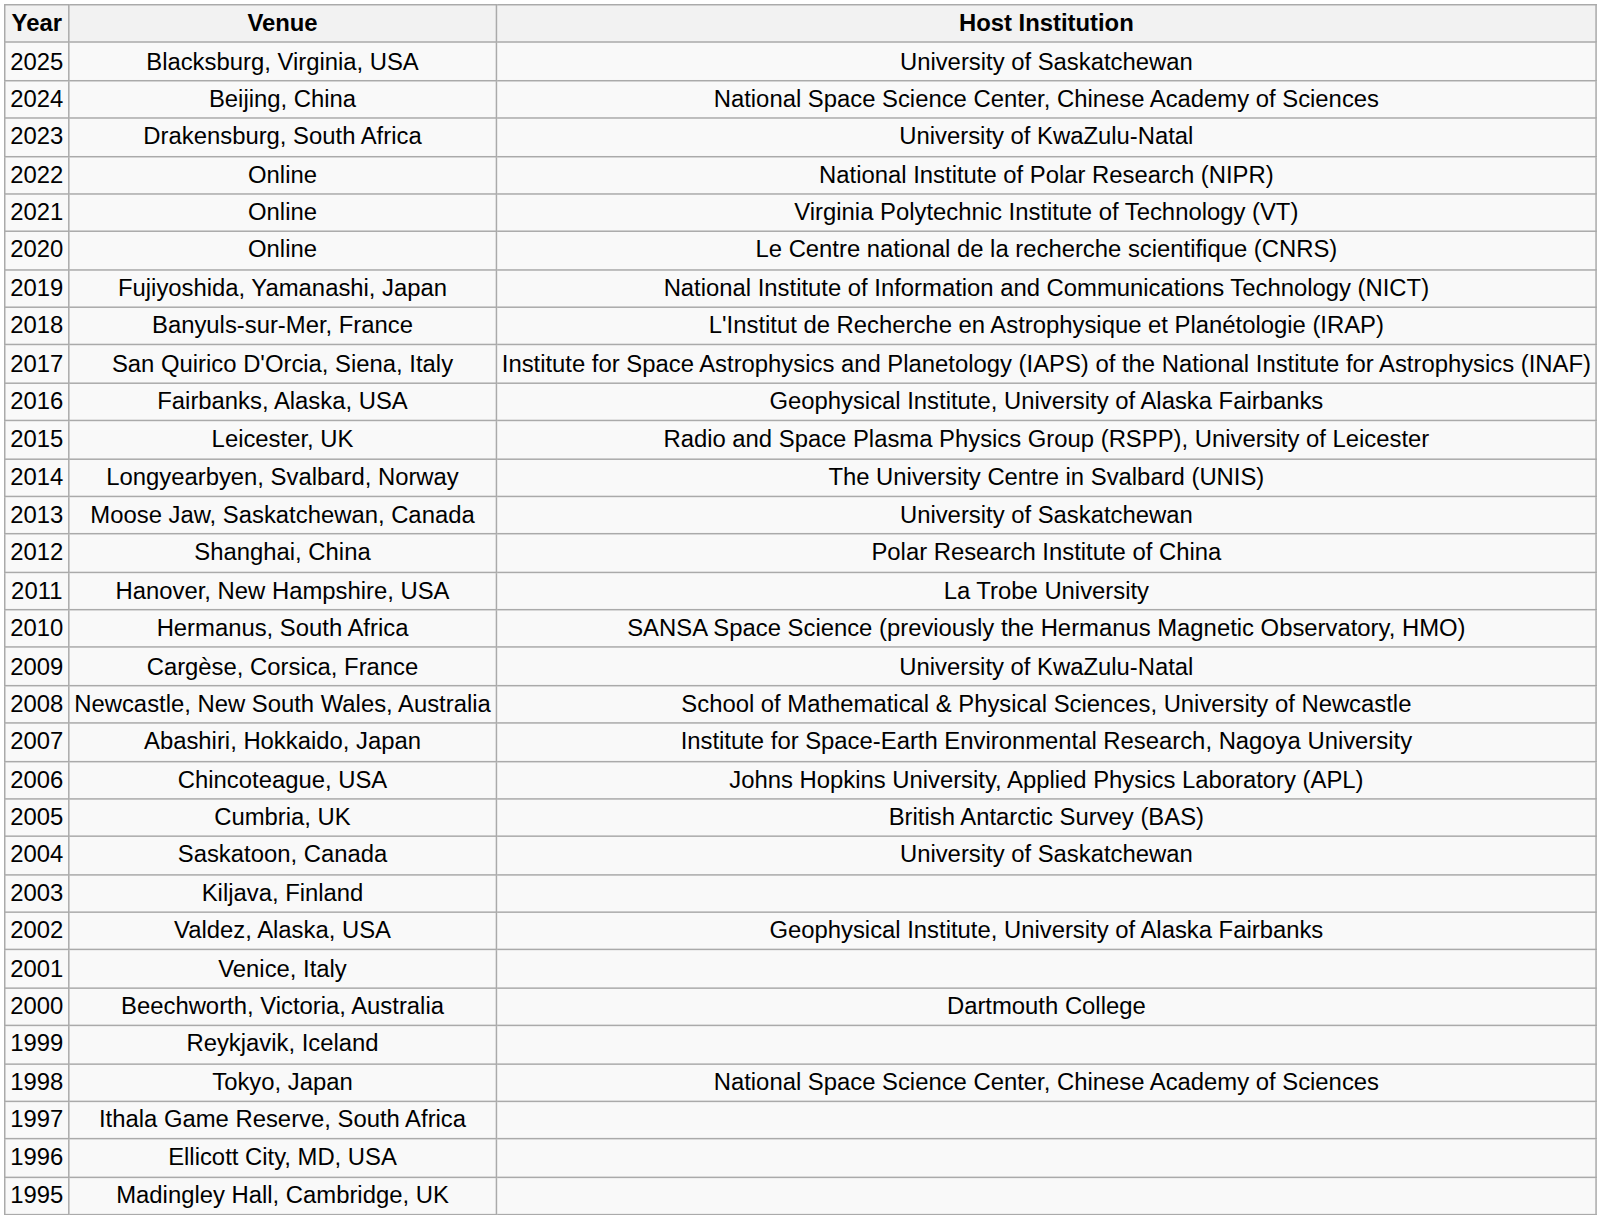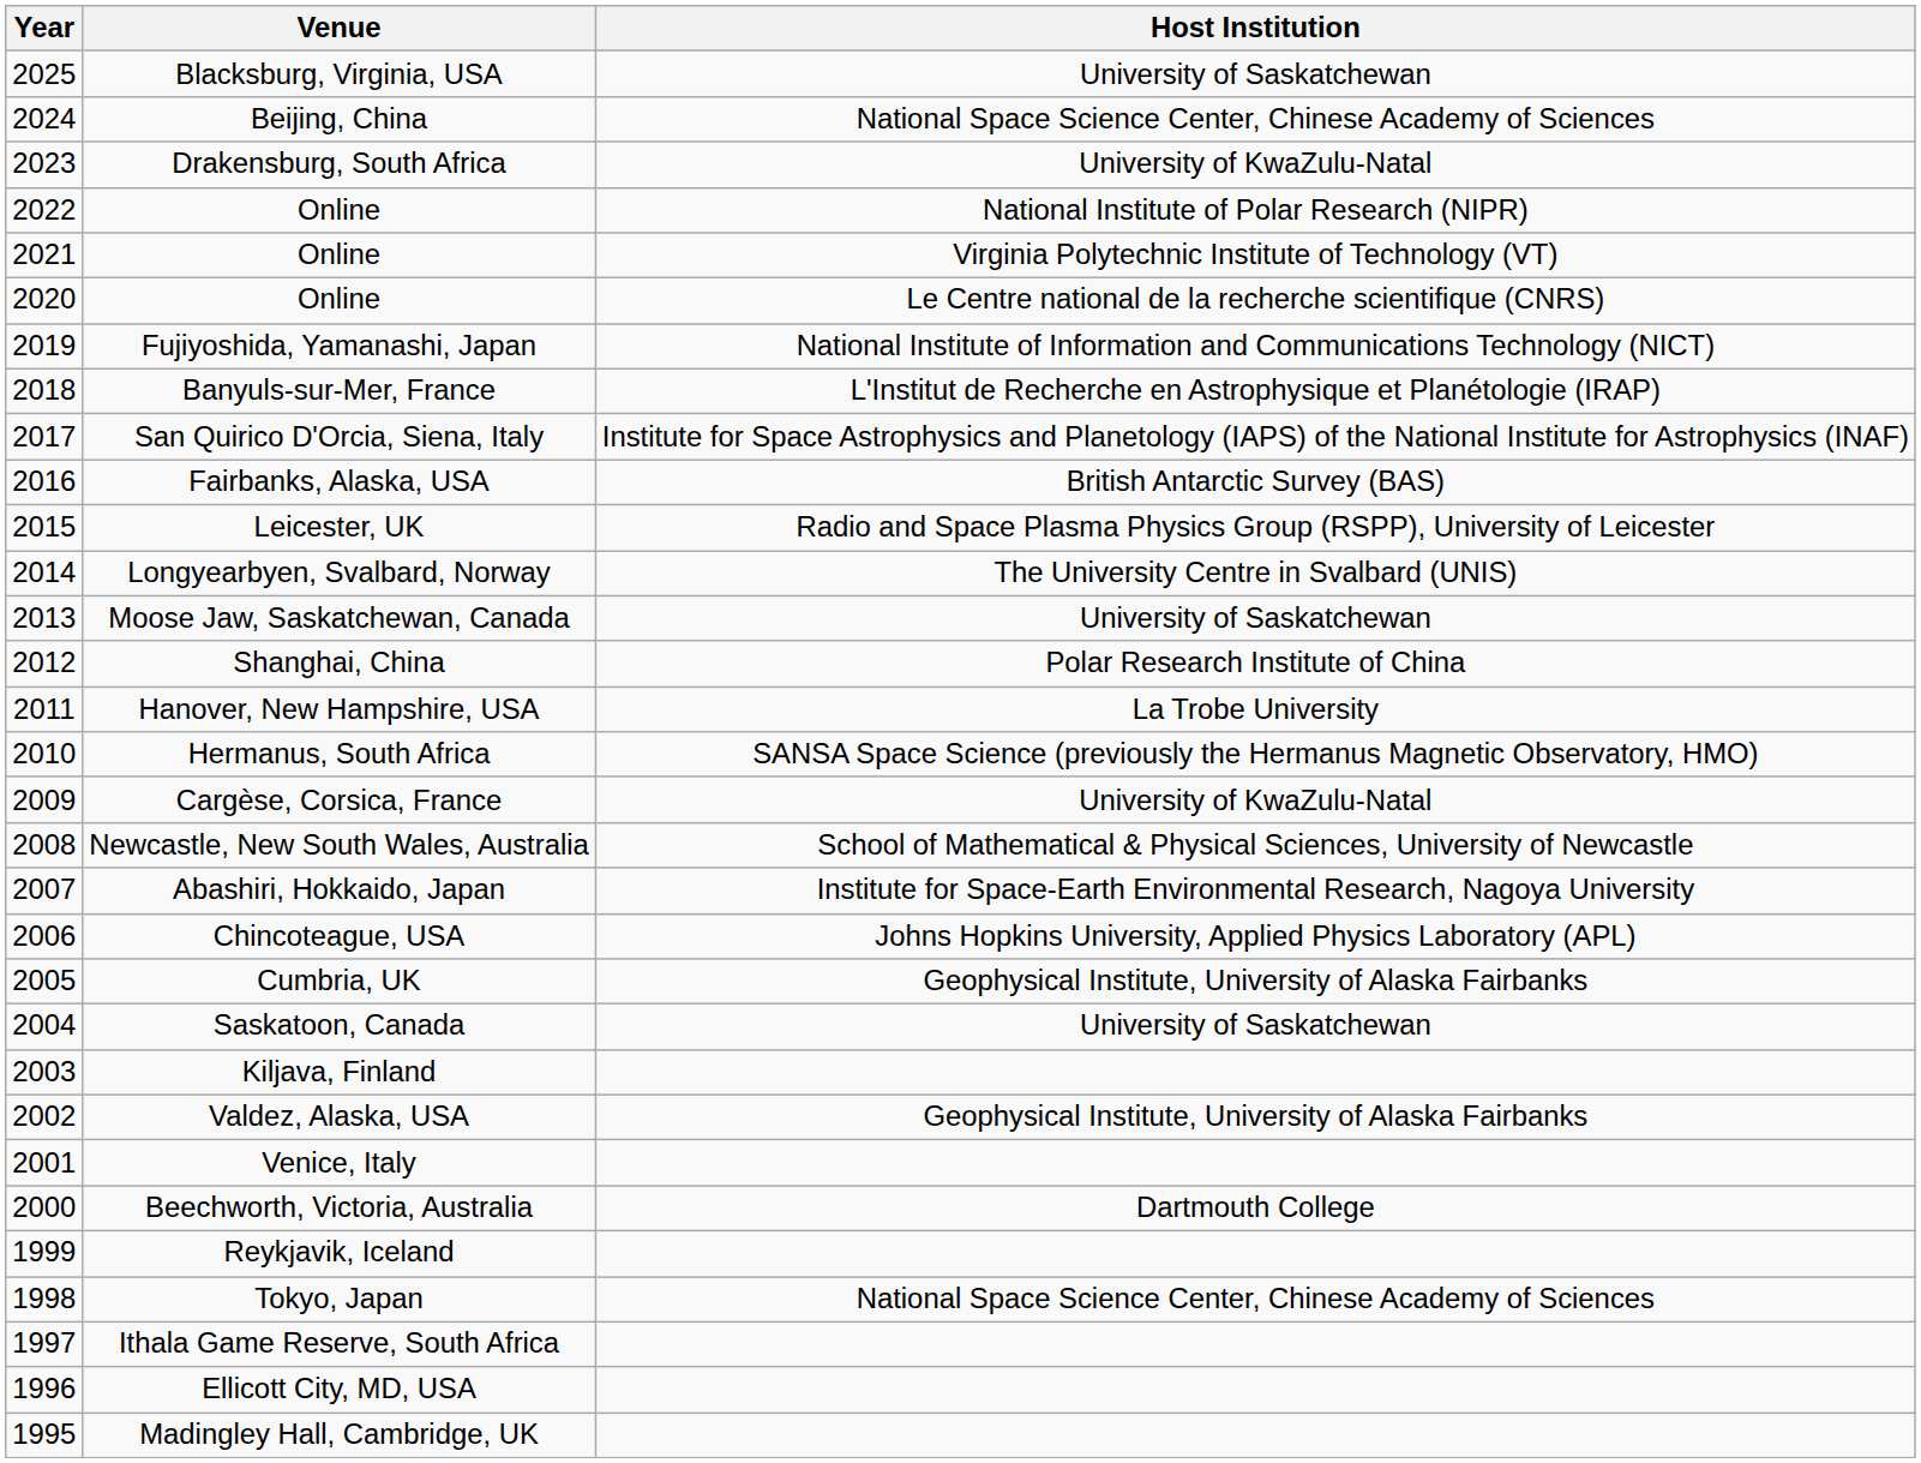 <table class="wikitable" style="text-align: center" |>
 <tr>
 <th>Year</th>
 <th>Venue</th>
 <th>Host Institution</th>
 </tr>
 <tr>
 <td>2025</td>
 <td>Blacksburg, Virginia, USA</td>
 <td>University of Saskatchewan</td>
 </tr>
 <tr>
 <td>2024</td>
 <td>Beijing, China</td>
 <td>National Space Science Center, Chinese Academy of Sciences</td>
 </tr>
 <tr>
 <td>2023</td>
 <td>Drakensburg, South Africa</td>
 <td>University of KwaZulu-Natal</td>
 </tr>
 <tr>
 <td>2022</td>
 <td>Online</td>
 <td>National Institute of Polar Research (NIPR)</td>
 </tr>
 <tr>
 <td>2021</td>
 <td>Online</td>
 <td>Virginia Polytechnic Institute of Technology (VT)</td>
 </tr>
 <tr>
 <td>2020</td>
 <td>Online</td>
 <td>Le Centre national de la recherche scientifique (CNRS)</td>
 </tr>
 <tr>
 <td>2019</td>
 <td>Fujiyoshida, Yamanashi, Japan</td>
 <td>National Institute of Information and Communications Technology (NICT)</td>
 </tr>
 <tr>
 <td>2018</td>
 <td>Banyuls-sur-Mer, France</td>
 <td>L'Institut de Recherche en Astrophysique et Planétologie (IRAP)</td>
 </tr>
 <tr>
 <td>2017</td>
 <td>San Quirico D'Orcia, Siena, Italy</td>
 <td>Institute for Space Astrophysics and Planetology (IAPS) of the National Institute for Astrophysics (INAF)</td>
 </tr>
 <tr>
 <td>2016</td>
 <td>Fairbanks, Alaska, USA</td>
-<td>Geophysical Institute, University of Alaska Fairbanks</td>
+<td>British Antarctic Survey (BAS)</td>
 </tr>
 <tr>
 <td>2015</td>
 <td>Leicester, UK</td>
 <td>Radio and Space Plasma Physics Group (RSPP), University of Leicester</td>
 </tr>
 <tr>
 <td>2014</td>
 <td>Longyearbyen, Svalbard, Norway</td>
 <td>The University Centre in Svalbard (UNIS)</td>
 </tr>
 <tr>
 <td>2013</td>
 <td>Moose Jaw, Saskatchewan, Canada</td>
 <td>University of Saskatchewan</td>
 </tr>
 <tr>
 <td>2012</td>
 <td>Shanghai, China</td>
 <td>Polar Research Institute of China</td>
 </tr>
 <tr>
 <td>2011</td>
 <td>Hanover, New Hampshire, USA</td>
 <td>La Trobe University</td>
 </tr>
 <tr>
 <td>2010</td>
 <td>Hermanus, South Africa</td>
 <td>SANSA Space Science (previously the Hermanus Magnetic Observatory, HMO)</td>
 </tr>
 <tr>
 <td>2009</td>
 <td>Cargèse, Corsica, France</td>
 <td>University of KwaZulu-Natal</td>
 </tr>
 <tr>
 <td>2008</td>
 <td>Newcastle, New South Wales, Australia</td>
 <td>School of Mathematical & Physical Sciences, University of Newcastle</td>
 </tr>
 <tr>
 <td>2007</td>
 <td>Abashiri, Hokkaido, Japan</td>
 <td>Institute for Space-Earth Environmental Research, Nagoya University</td>
 </tr>
 <tr>
 <td>2006</td>
 <td>Chincoteague, USA</td>
 <td>Johns Hopkins University, Applied Physics Laboratory (APL)</td>
 </tr>
 <tr>
 <td>2005</td>
 <td>Cumbria, UK</td>
-<td>British Antarctic Survey (BAS)</td>
+<td>Geophysical Institute, University of Alaska Fairbanks</td>
 </tr>
 <tr>
 <td>2004</td>
 <td>Saskatoon, Canada</td>
 <td>University of Saskatchewan</td>
 </tr>
 <tr>
 <td>2003</td>
 <td>Kiljava, Finland</td>
 <td></td>
 </tr>
 <tr>
 <td>2002</td>
 <td>Valdez, Alaska, USA</td>
 <td>Geophysical Institute, University of Alaska Fairbanks</td>
 </tr>
 <tr>
 <td>2001</td>
 <td>Venice, Italy</td>
 <td></td>
 </tr>
 <tr>
 <td>2000</td>
 <td>Beechworth, Victoria, Australia</td>
 <td>Dartmouth College</td>
 </tr>
 <tr>
 <td>1999</td>
 <td>Reykjavik, Iceland</td>
 <td></td>
 </tr>
 <tr>
 <td>1998</td>
 <td>Tokyo, Japan</td>
 <td>National Space Science Center, Chinese Academy of Sciences</td>
 </tr>
 <tr>
 <td>1997</td>
 <td>Ithala Game Reserve, South Africa</td>
 <td></td>
 </tr>
 <tr>
 <td>1996</td>
 <td>Ellicott City, MD, USA</td>
 <td></td>
 </tr>
 <tr>
 <td>1995</td>
 <td>Madingley Hall, Cambridge, UK</td>
 <td></td>
 </tr>
 </table>
